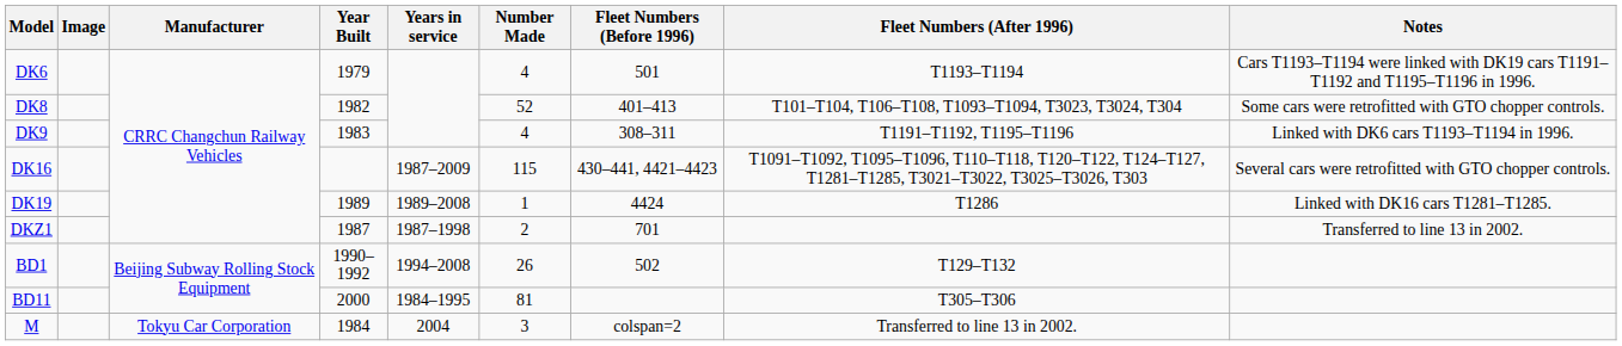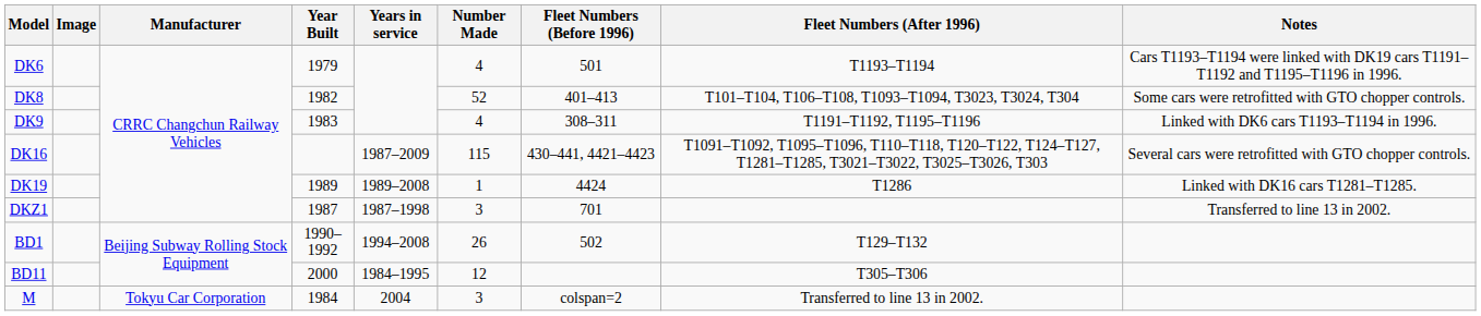 <table class="wikitable sortable" style="border-collapse: collapse; text-align: center;">
 <tr>
 <th>Model</th>
 <th>Image</th>
 <th>Manufacturer</th>
 <th>Year Built</th>
 <th>Years in service</th>
 <th>Number Made</th>
 <th>Fleet Numbers (Before 1996)</th>
 <th>Fleet Numbers (After 1996)</th>
 <th>Notes</th>
 </tr>
 <tr>
 <td><a href='#'>DK6</a></td>
 <td></td>
 <td rowspan=6><a href='#'>CRRC Changchun Railway Vehicles</a></td>
 <td>1979</td>
 <td rowspan="3"></td>
 <td>4</td>
 <td>501</td>
 <td>T1193–T1194</td>
 <td>Cars T1193–T1194 were linked with DK19 cars T1191–T1192 and T1195–T1196 in 1996.</td>
 </tr>
 <tr>
 <td><a href='#'>DK8</a></td>
 <td></td>
 <td>1982</td>
 <td>52</td>
 <td>401–413</td>
 <td>T101–T104, T106–T108, T1093–T1094, T3023, T3024, T304</td>
 <td>Some cars were retrofitted with GTO chopper controls.</td>
 </tr>
 <tr>
 <td><a href='#'>DK9</a></td>
 <td></td>
 <td>1983</td>
 <td>4</td>
 <td>308–311</td>
 <td>T1191–T1192, T1195–T1196</td>
 <td>Linked with DK6 cars T1193–T1194 in 1996.</td>
 </tr>
 <tr>
 <td><a href='#'>DK16</a></td>
 <td></td>
 <td></td>
 <td>1987–2009</td>
 <td>115</td>
 <td>430–441, 4421–4423</td>
 <td>T1091–T1092, T1095–T1096, T110–T118, T120–T122, T124–T127, T1281–T1285, T3021–T3022, T3025–T3026, T303</td>
 <td>Several cars were retrofitted with GTO chopper controls.</td>
 </tr>
 <tr>
 <td><a href='#'>DK19</a></td>
 <td></td>
 <td>1989</td>
 <td>1989–2008</td>
 <td>1</td>
 <td>4424</td>
 <td>T1286</td>
 <td>Linked with DK16 cars T1281–T1285.</td>
 </tr>
 <tr>
 <td><a href='#'>DKZ1</a></td>
 <td></td>
 <td>1987</td>
 <td>1987–1998</td>
-<td>2</td>
+<td>3</td>
 <td>701</td>
 <td></td>
 <td>Transferred to line 13 in 2002.</td>
 </tr>
 <tr>
 <td><a href='#'>BD1</a></td>
 <td></td>
 <td rowspan=2><a href='#'>Beijing Subway Rolling Stock Equipment</a></td>
 <td>1990–1992</td>
 <td>1994–2008</td>
 <td>26</td>
 <td>502</td>
 <td>T129–T132</td>
 <td></td>
 </tr>
 <tr>
 <td><a href='#'>BD11</a></td>
 <td></td>
 <td>2000</td>
 <td>1984–1995</td>
-<td>81</td>
+<td>12</td>
 <td></td>
 <td>T305–T306</td>
 <td></td>
 </tr>
 <tr>
 <td><a href='#'>M</a></td>
 <td></td>
 <td><a href='#'>Tokyu Car Corporation</a></td>
 <td>1984</td>
 <td>2004</td>
 <td>3</td>
 <td>colspan=2 </td>
 <td>Transferred to line 13 in 2002.</td>
 </tr>
 </table>
